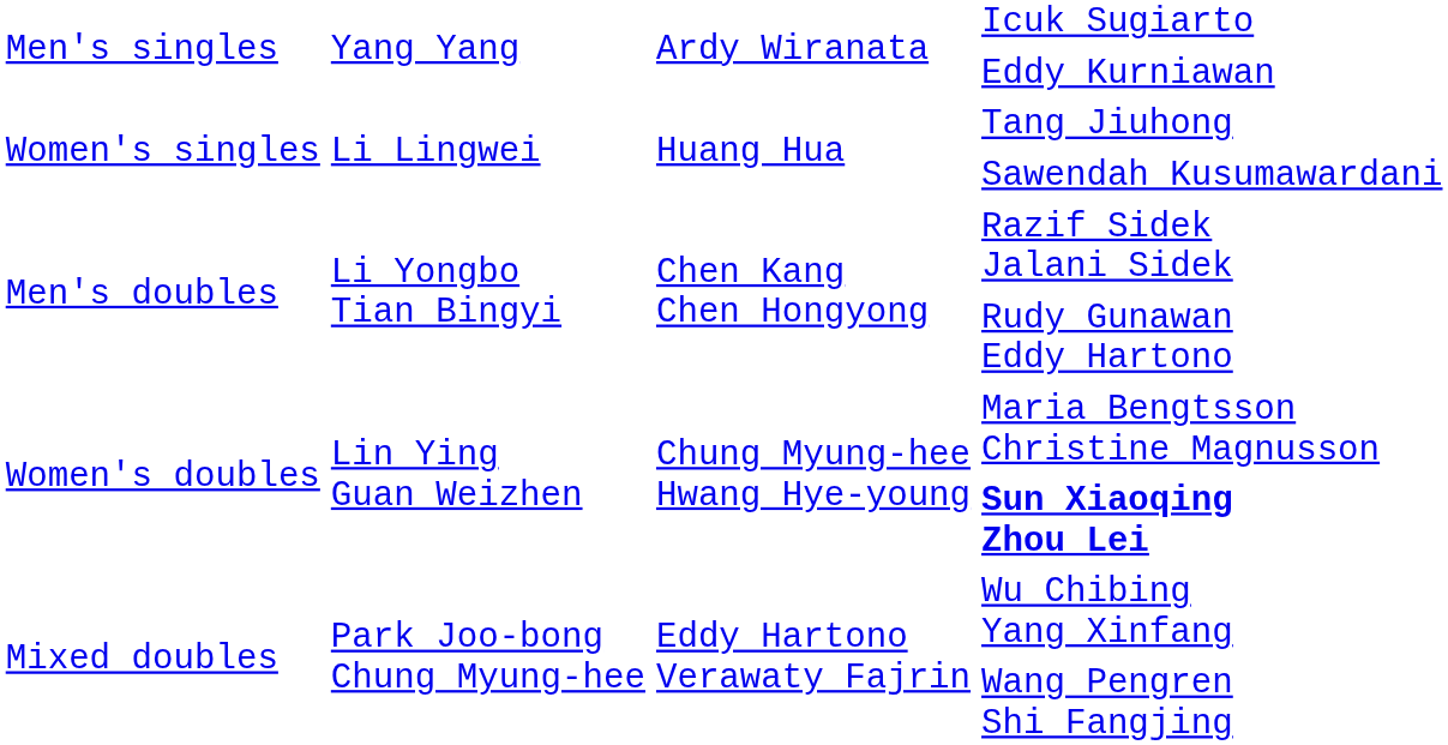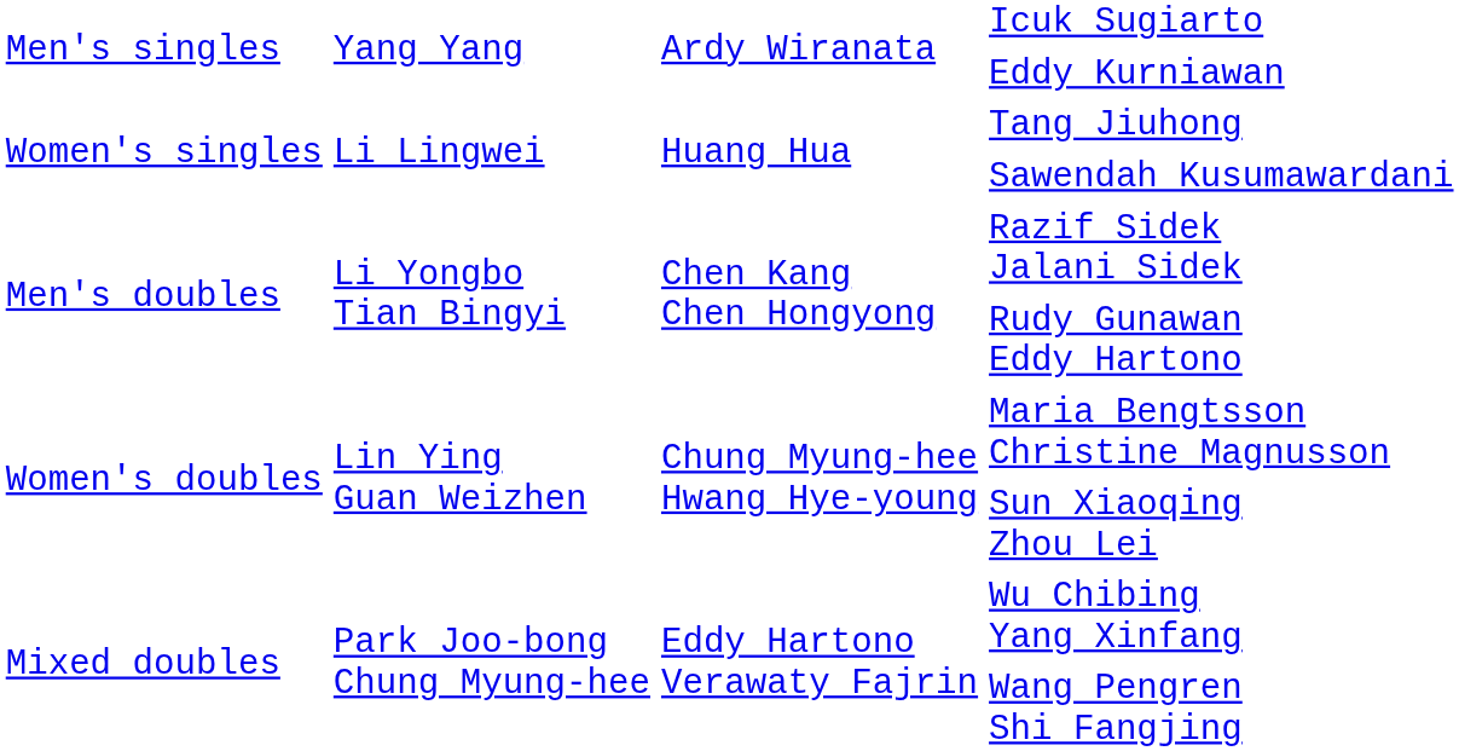 <table>
 <tr>
 <td rowspan=2><a href='#'>Men's singles</a></td>
 <td rowspan=2> <a href='#'>Yang Yang</a></td>
 <td rowspan=2> <a href='#'>Ardy Wiranata</a></td>
 <td> <a href='#'>Icuk Sugiarto</a></td>
 </tr>
 <tr>
 <td> <a href='#'>Eddy Kurniawan</a></td>
 </tr>
 <tr>
 <td rowspan=2><a href='#'>Women's singles</a></td>
 <td rowspan=2> <a href='#'>Li Lingwei</a></td>
 <td rowspan=2> <a href='#'>Huang Hua</a></td>
 <td> <a href='#'>Tang Jiuhong</a></td>
 </tr>
 <tr>
 <td> <a href='#'>Sawendah Kusumawardani</a></td>
 </tr>
 <tr>
 <td rowspan=2><a href='#'>Men's doubles</a></td>
 <td rowspan=2> <a href='#'>Li Yongbo</a><br> <a href='#'>Tian Bingyi</a></td>
 <td rowspan=2> <a href='#'>Chen Kang</a><br> <a href='#'>Chen Hongyong</a></td>
 <td> <a href='#'>Razif Sidek</a><br> <a href='#'>Jalani Sidek</a></td>
 </tr>
 <tr>
 <td> <a href='#'>Rudy Gunawan</a><br> <a href='#'>Eddy Hartono</a></td>
 </tr>
 <tr>
 <td rowspan=2><a href='#'>Women's doubles</a></td>
 <td rowspan=2> <a href='#'>Lin Ying</a><br> <a href='#'>Guan Weizhen</a></td>
 <td rowspan=2> <a href='#'>Chung Myung-hee</a><br> <a href='#'>Hwang Hye-young</a></td>
 <td> <a href='#'>Maria Bengtsson</a><br> <a href='#'>Christine Magnusson</a></td>
 </tr>
 <tr>
-<td><strong> <a href='#'>Sun Xiaoqing</a><br> <a href='#'>Zhou Lei</a></strong></td>
+<td> <a href='#'>Sun Xiaoqing</a><br> <a href='#'>Zhou Lei</a></td>
 </tr>
 <tr>
 <td rowspan=2><a href='#'>Mixed doubles</a></td>
 <td rowspan=2> <a href='#'>Park Joo-bong</a> <br> <a href='#'>Chung Myung-hee</a></td>
 <td rowspan=2> <a href='#'>Eddy Hartono</a><br> <a href='#'>Verawaty Fajrin</a></td>
 <td> <a href='#'>Wu Chibing</a><br> <a href='#'>Yang Xinfang</a></td>
 </tr>
 <tr>
 <td> <a href='#'>Wang Pengren</a><br> <a href='#'>Shi Fangjing</a></td>
 </tr>
 </table>
